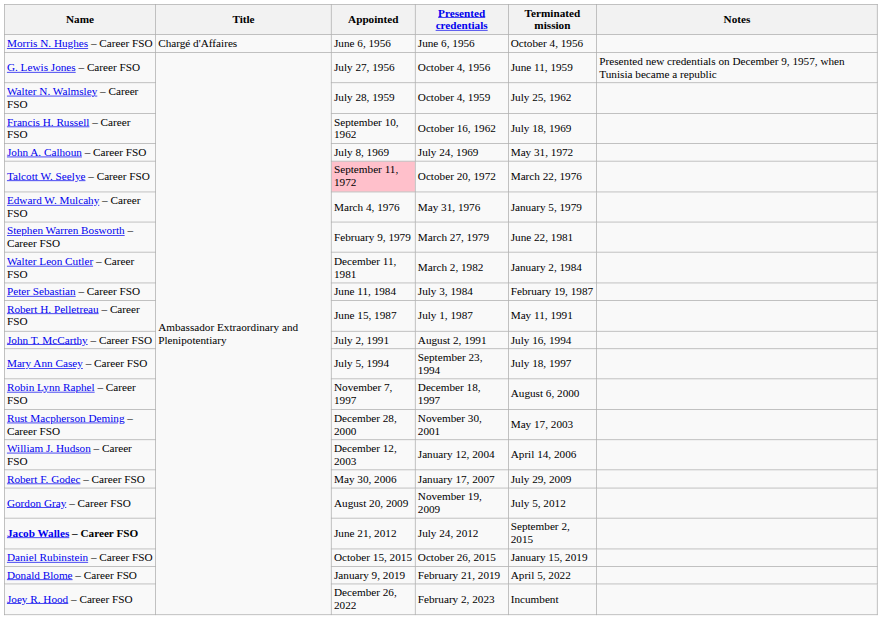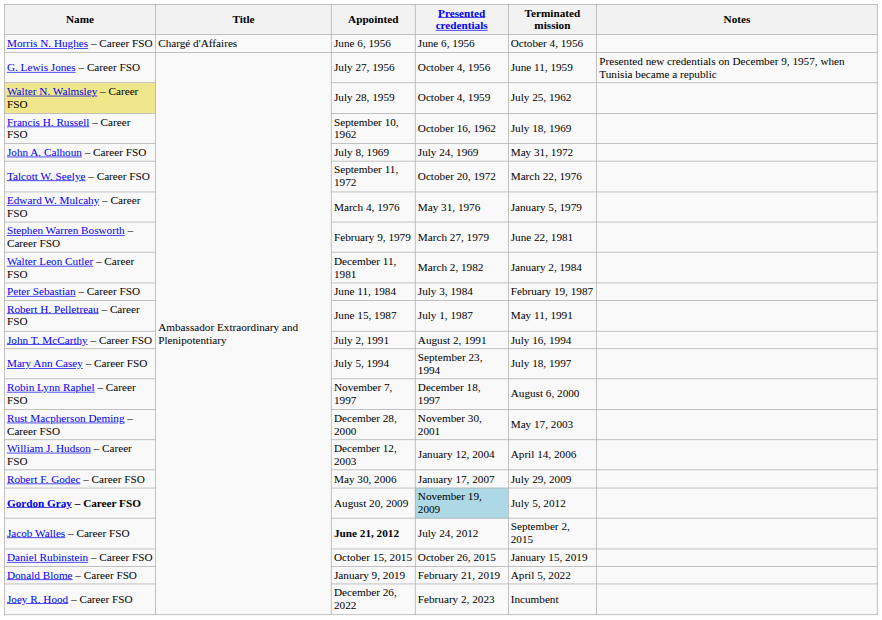 <table class="wikitable">
 <tr>
 <th>Name</th>
 <th>Title</th>
 <th>Appointed</th>
 <th><a href='#'>Presented credentials</a></th>
 <th>Terminated mission</th>
 <th>Notes</th>
 </tr>
 <tr>
 <td><a href='#'>Morris N. Hughes</a> – Career FSO</td>
 <td>Chargé d'Affaires</td>
 <td>June 6, 1956</td>
 <td>June 6, 1956</td>
 <td>October 4, 1956</td>
 <td></td>
 </tr>
 <tr>
 <td><a href='#'>G. Lewis Jones</a> – Career FSO</td>
 <td rowspan="21">Ambassador Extraordinary and Plenipotentiary</td>
 <td>July 27, 1956</td>
 <td>October 4, 1956</td>
 <td>June 11, 1959</td>
 <td>Presented new credentials on December 9, 1957, when Tunisia became a republic</td>
 </tr>
 <tr>
-<td><a href='#'>Walter N. Walmsley</a> – Career FSO</td>
+<td style="background: khaki;"><a href='#'>Walter N. Walmsley</a> – Career FSO</td>
 <td>July 28, 1959</td>
 <td>October 4, 1959</td>
 <td>July 25, 1962</td>
 <td></td>
 </tr>
 <tr>
 <td><a href='#'>Francis H. Russell</a> – Career FSO</td>
 <td>September 10, 1962</td>
 <td>October 16, 1962</td>
 <td>July 18, 1969</td>
 <td></td>
 </tr>
 <tr>
 <td><a href='#'>John A. Calhoun</a> – Career FSO</td>
 <td>July 8, 1969</td>
 <td>July 24, 1969</td>
 <td>May 31, 1972</td>
 <td></td>
 </tr>
 <tr>
 <td><a href='#'>Talcott W. Seelye</a> – Career FSO</td>
-<td style="background: pink;">September 11, 1972</td>
+<td>September 11, 1972</td>
 <td>October 20, 1972</td>
 <td>March 22, 1976</td>
 <td></td>
 </tr>
 <tr>
 <td><a href='#'>Edward W. Mulcahy</a> – Career FSO</td>
 <td>March 4, 1976</td>
 <td>May 31, 1976</td>
 <td>January 5, 1979</td>
 <td></td>
 </tr>
 <tr>
 <td><a href='#'>Stephen Warren Bosworth</a> – Career FSO</td>
 <td>February 9, 1979</td>
 <td>March 27, 1979</td>
 <td>June 22, 1981</td>
 <td></td>
 </tr>
 <tr>
 <td><a href='#'>Walter Leon Cutler</a> – Career FSO</td>
 <td>December 11, 1981</td>
 <td>March 2, 1982</td>
 <td>January 2, 1984</td>
 <td></td>
 </tr>
 <tr>
 <td><a href='#'>Peter Sebastian</a> – Career FSO</td>
 <td>June 11, 1984</td>
 <td>July 3, 1984</td>
 <td>February 19, 1987</td>
 <td></td>
 </tr>
 <tr>
 <td><a href='#'>Robert H. Pelletreau</a> – Career FSO</td>
 <td>June 15, 1987</td>
 <td>July 1, 1987</td>
 <td>May 11, 1991</td>
 <td></td>
 </tr>
 <tr>
 <td><a href='#'>John T. McCarthy</a> – Career FSO</td>
 <td>July 2, 1991</td>
 <td>August 2, 1991</td>
 <td>July 16, 1994</td>
 <td></td>
 </tr>
 <tr>
 <td><a href='#'>Mary Ann Casey</a> – Career FSO</td>
 <td>July 5, 1994</td>
 <td>September 23, 1994</td>
 <td>July 18, 1997</td>
 <td></td>
 </tr>
 <tr>
 <td><a href='#'>Robin Lynn Raphel</a> – Career FSO</td>
 <td>November 7, 1997</td>
 <td>December 18, 1997</td>
 <td>August 6, 2000</td>
 <td></td>
 </tr>
 <tr>
 <td><a href='#'>Rust Macpherson Deming</a> – Career FSO</td>
 <td>December 28, 2000</td>
 <td>November 30, 2001</td>
 <td>May 17, 2003</td>
 <td></td>
 </tr>
 <tr>
 <td><a href='#'>William J. Hudson</a> – Career FSO</td>
 <td>December 12, 2003</td>
 <td>January 12, 2004</td>
 <td>April 14, 2006</td>
 <td></td>
 </tr>
 <tr>
 <td><a href='#'>Robert F. Godec</a> – Career FSO</td>
 <td>May 30, 2006</td>
 <td>January 17, 2007</td>
 <td>July 29, 2009</td>
 <td></td>
 </tr>
 <tr>
-<td><a href='#'>Gordon Gray</a>  – Career FSO</td>
+<td><strong><a href='#'>Gordon Gray</a>  – Career FSO</strong></td>
 <td>August 20, 2009</td>
-<td>November 19, 2009</td>
+<td style="background: lightblue;">November 19, 2009</td>
 <td>July 5, 2012</td>
 <td></td>
 </tr>
 <tr>
-<td><strong><a href='#'>Jacob Walles</a>  – Career FSO</strong></td>
-<td>June 21, 2012</td>
+<td><a href='#'>Jacob Walles</a>  – Career FSO</td>
+<td><strong>June 21, 2012</strong></td>
 <td>July 24, 2012</td>
 <td>September 2, 2015</td>
 <td></td>
 </tr>
 <tr>
 <td><a href='#'>Daniel Rubinstein</a>  – Career FSO</td>
 <td>October 15, 2015</td>
 <td>October 26, 2015</td>
 <td>January 15, 2019</td>
 <td></td>
 </tr>
 <tr>
 <td><a href='#'>Donald Blome</a>  – Career FSO</td>
 <td>January 9, 2019</td>
 <td>February 21, 2019</td>
 <td>April 5, 2022</td>
 <td></td>
 </tr>
 <tr>
 <td><a href='#'>Joey R. Hood</a>  – Career FSO</td>
 <td>December 26, 2022</td>
 <td>February 2, 2023</td>
 <td>Incumbent</td>
 <td></td>
 </tr>
 </table>
